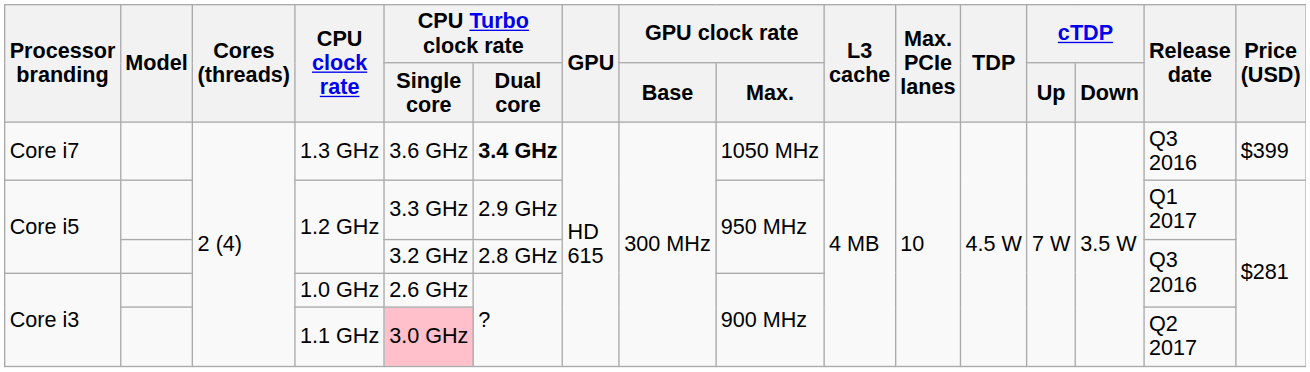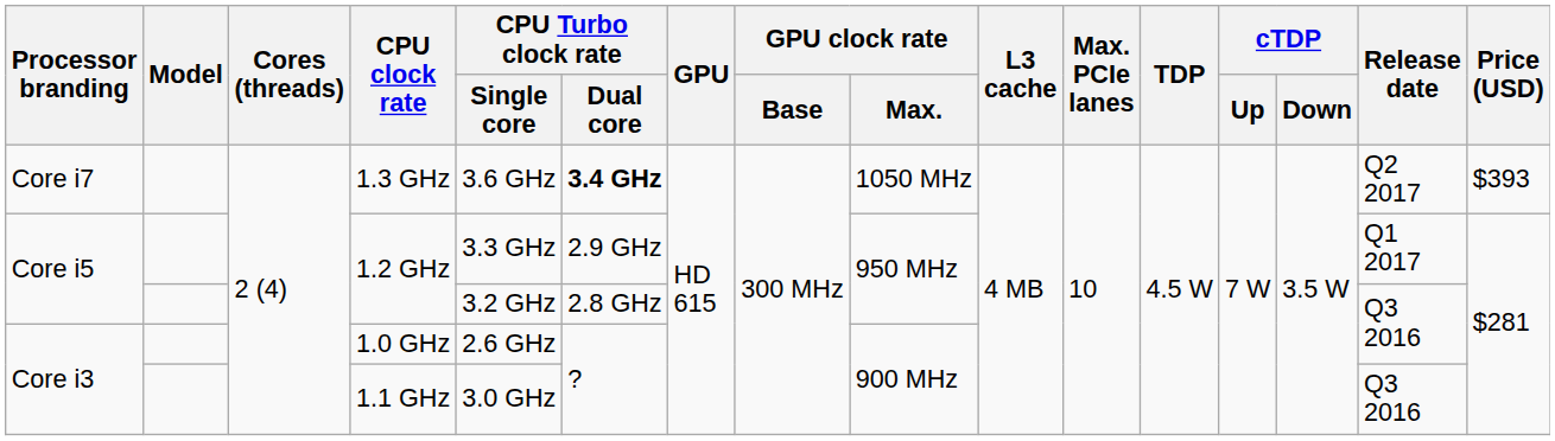 <table class="wikitable sortable">
 <tr>
 <th rowspan="2">Processor<br>branding</th>
 <th rowspan="2">Model</th>
 <th rowspan="2">Cores<br>(threads)</th>
 <th rowspan="2">CPU<br><a href='#'>clock</a> <a href='#'>rate</a></th>
 <th colspan="2">CPU <a href='#'>Turbo</a> clock rate</th>
 <th rowspan="2">GPU</th>
 <th colspan="2">GPU clock rate</th>
 <th rowspan="2">L3<br>cache</th>
 <th rowspan="2">Max. PCIe lanes</th>
 <th rowspan="2">TDP</th>
 <th colspan="2"><a href='#'>cTDP</a></th>
 <th rowspan="2">Release date</th>
 <th rowspan="2">Price (USD)</th>
 </tr>
 <tr>
 <th>Single core</th>
 <th>Dual core</th>
 <th>Base</th>
 <th>Max.</th>
 <th>Up</th>
 <th>Down</th>
 </tr>
 <tr>
 <td>Core i7</td>
 <td></td>
 <td rowspan="5">2 (4)</td>
 <td>1.3 GHz</td>
 <td>3.6 GHz</td>
 <td><strong>3.4 GHz</strong></td>
 <td rowspan="5">HD 615</td>
 <td rowspan="5">300 MHz</td>
 <td>1050 MHz</td>
 <td rowspan="5">4 MB</td>
 <td rowspan="5">10</td>
 <td rowspan="5">4.5 W</td>
 <td rowspan="5">7 W</td>
 <td rowspan="5">3.5 W</td>
-<td>Q3 2016</td>
-<td>$399</td>
+<td>Q2 2017</td>
+<td>$393</td>
 </tr>
 <tr>
 <td rowspan="2">Core i5</td>
 <td></td>
 <td rowspan="2">1.2 GHz</td>
 <td>3.3 GHz</td>
 <td>2.9 GHz</td>
 <td rowspan="2">950 MHz</td>
 <td>Q1 2017</td>
 <td rowspan="4">$281</td>
 </tr>
 <tr>
 <td></td>
 <td>3.2 GHz</td>
 <td>2.8 GHz</td>
 <td rowspan="2">Q3 2016</td>
 </tr>
 <tr>
 <td rowspan="2">Core i3</td>
 <td></td>
 <td>1.0 GHz</td>
 <td>2.6 GHz</td>
 <td rowspan="2">?</td>
 <td rowspan="2">900 MHz</td>
 </tr>
 <tr>
 <td></td>
 <td>1.1 GHz</td>
-<td style="background: pink;">3.0 GHz</td>
-<td>Q2 2017</td>
+<td>3.0 GHz</td>
+<td>Q3 2016</td>
 </tr>
 </table>
